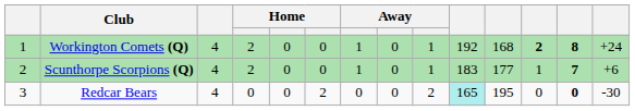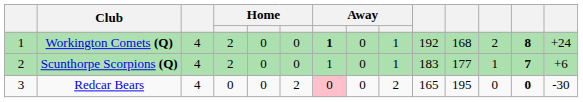 <table class="wikitable" style="text-align:center; font-size:85%">
 <tr>
 <th rowspan="2" style="width:28px;"></th>
 <th rowspan=2>Club</th>
 <th rowspan="2" style="width:28px;"></th>
 <th colspan=3>Home</th>
 <th colspan=3>Away</th>
 <th rowspan="2" style="width:28px;"></th>
 <th rowspan="2" style="width:28px;"></th>
 <th rowspan="2" style="width:28px;"></th>
 <th rowspan="2" style="width:28px;"></th>
 <th rowspan="2" style="width:28px;"></th>
 </tr>
 <tr>
 <th width=28></th>
 <th width=28></th>
 <th width=28></th>
 <th width=28></th>
 <th width=28></th>
 <th width=28></th>
 </tr>
 <tr style="background:#ACE1AF;">
 <td align="center">1</td>
 <td><a href='#'>Workington Comets</a> <strong>(Q)</strong></td>
 <td align="center">4</td>
 <td align="center">2</td>
 <td align="center">0</td>
 <td align="center">0</td>
-<td align="center">1</td>
+<td align="center"><strong>1</strong></td>
 <td align="center">0</td>
 <td align="center">1</td>
 <td align="center">192</td>
 <td align="center">168</td>
-<td align="center"><strong>2</strong></td>
+<td align="center">2</td>
 <td align="center"><strong>8</strong></td>
 <td align="center">+24</td>
 </tr>
 <tr style="background:#ACE1AF;">
 <td align="center">2</td>
 <td><a href='#'>Scunthorpe Scorpions</a> <strong>(Q)</strong></td>
 <td align="center">4</td>
 <td align="center">2</td>
 <td align="center">0</td>
 <td align="center">0</td>
 <td align="center">1</td>
 <td align="center">0</td>
 <td align="center">1</td>
 <td align="center">183</td>
 <td align="center">177</td>
 <td align="center">1</td>
 <td align="center"><strong>7</strong></td>
 <td align="center">+6</td>
 </tr>
 <tr>
 <td align="center">3</td>
 <td><a href='#'>Redcar Bears</a></td>
 <td align="center">4</td>
 <td align="center">0</td>
 <td align="center">0</td>
 <td align="center">2</td>
-<td align="center">0</td>
+<td align="center" style="background: pink;">0</td>
 <td align="center">0</td>
 <td align="center">2</td>
-<td align="center" style="background: paleturquoise;">165</td>
+<td align="center">165</td>
 <td align="center">195</td>
 <td align="center">0</td>
 <td align="center"><strong>0</strong></td>
 <td align="center">-30</td>
 </tr>
 </table>
